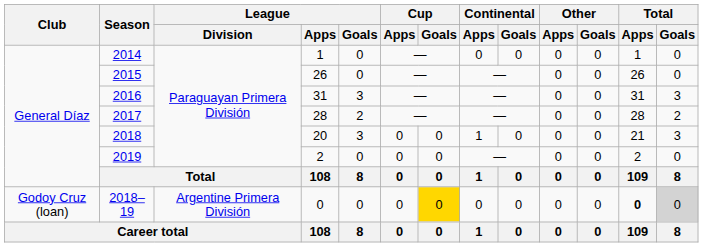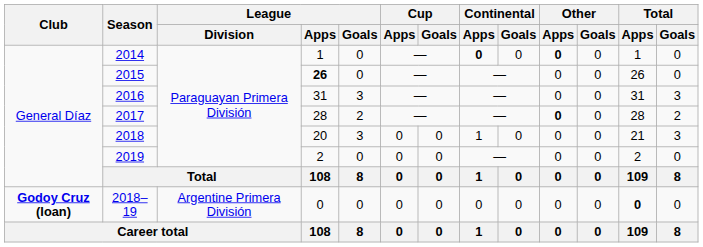 <table class="wikitable" style="text-align:center">
 <tr>
 <th rowspan="2">Club</th>
 <th rowspan="2">Season</th>
 <th colspan="3">League</th>
 <th colspan="2">Cup</th>
 <th colspan="2">Continental</th>
 <th colspan="2">Other</th>
 <th colspan="2">Total</th>
 </tr>
 <tr>
 <th>Division</th>
 <th>Apps</th>
 <th>Goals</th>
 <th>Apps</th>
 <th>Goals</th>
 <th>Apps</th>
 <th>Goals</th>
 <th>Apps</th>
 <th>Goals</th>
 <th>Apps</th>
 <th>Goals</th>
 </tr>
 <tr>
 <td rowspan="7"><a href='#'>General Díaz</a></td>
 <td><a href='#'>2014</a></td>
 <td rowspan="6"><a href='#'>Paraguayan Primera División</a></td>
 <td>1</td>
 <td>0</td>
 <td colspan="2">—</td>
+<td><strong>0</strong></td>
 <td>0</td>
-<td>0</td>
-<td>0</td>
+<td><strong>0</strong></td>
 <td>0</td>
 <td>1</td>
 <td>0</td>
 </tr>
 <tr>
 <td><a href='#'>2015</a></td>
-<td>26</td>
+<td><strong>26</strong></td>
 <td>0</td>
 <td colspan="2">—</td>
 <td colspan="2">—</td>
 <td>0</td>
 <td>0</td>
 <td>26</td>
 <td>0</td>
 </tr>
 <tr>
 <td><a href='#'>2016</a></td>
 <td>31</td>
 <td>3</td>
 <td colspan="2">—</td>
 <td colspan="2">—</td>
 <td>0</td>
 <td>0</td>
 <td>31</td>
 <td>3</td>
 </tr>
 <tr>
 <td><a href='#'>2017</a></td>
 <td>28</td>
 <td>2</td>
 <td colspan="2">—</td>
 <td colspan="2">—</td>
-<td>0</td>
+<td><strong>0</strong></td>
 <td>0</td>
 <td>28</td>
 <td>2</td>
 </tr>
 <tr>
 <td><a href='#'>2018</a></td>
 <td>20</td>
 <td>3</td>
 <td>0</td>
 <td>0</td>
 <td>1</td>
 <td>0</td>
 <td>0</td>
 <td>0</td>
 <td>21</td>
 <td>3</td>
 </tr>
 <tr>
 <td><a href='#'>2019</a></td>
 <td>2</td>
 <td>0</td>
 <td>0</td>
 <td>0</td>
 <td colspan="2">—</td>
 <td>0</td>
 <td>0</td>
 <td>2</td>
 <td>0</td>
 </tr>
 <tr>
 <th colspan="2">Total</th>
 <th>108</th>
 <th>8</th>
 <th>0</th>
 <th>0</th>
 <th>1</th>
 <th>0</th>
 <th>0</th>
 <th>0</th>
 <th>109</th>
 <th>8</th>
 </tr>
 <tr>
-<td rowspan="1"><a href='#'>Godoy Cruz</a> (loan)</td>
+<td rowspan="1"><strong><a href='#'>Godoy Cruz</a> (loan)</strong></td>
 <td><a href='#'>2018–19</a></td>
 <td rowspan="1"><a href='#'>Argentine Primera División</a></td>
 <td>0</td>
 <td>0</td>
 <td>0</td>
-<td style="background: gold;">0</td>
+<td>0</td>
 <td>0</td>
 <td>0</td>
 <td>0</td>
 <td>0</td>
 <td><strong>0</strong></td>
-<td style="background: lightgrey;">0</td>
+<td>0</td>
 </tr>
 <tr>
 <th colspan="3">Career total</th>
 <th>108</th>
 <th>8</th>
 <th>0</th>
 <th>0</th>
 <th>1</th>
 <th>0</th>
 <th>0</th>
 <th>0</th>
 <th>109</th>
 <th>8</th>
 </tr>
 </table>
